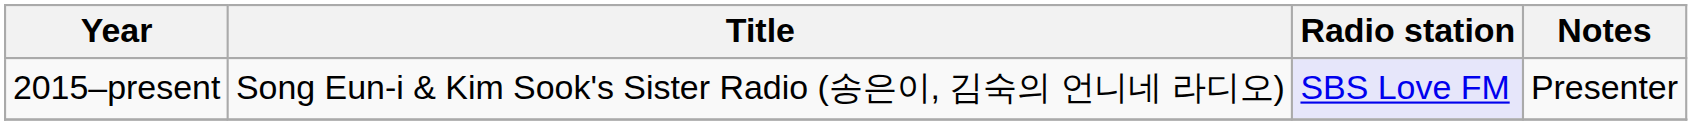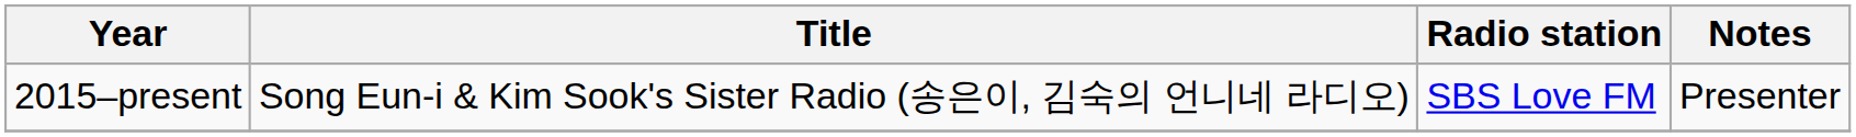 <table class="wikitable">
 <tr>
 <th>Year</th>
 <th>Title</th>
 <th>Radio station</th>
 <th>Notes</th>
 </tr>
 <tr>
 <td>2015–present</td>
 <td>Song Eun-i & Kim Sook's Sister Radio (송은이, 김숙의 언니네 라디오)</td>
-<td style="background: lavender;"><a href='#'>SBS Love FM</a></td>
+<td><a href='#'>SBS Love FM</a></td>
 <td>Presenter</td>
 </tr>
 <tr>
 </tr>
 </table>
